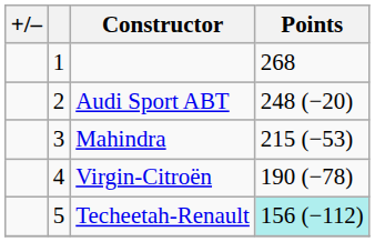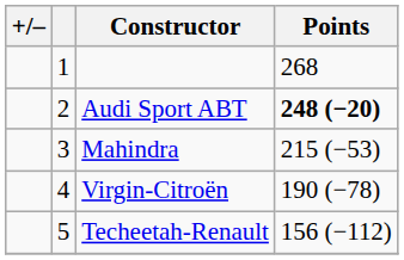 <table class="wikitable" style="font-size: 85%">
 <tr>
 <th scope="col">+/–</th>
 <th scope="col"></th>
 <th scope="col">Constructor</th>
 <th scope="col">Points</th>
 </tr>
 <tr>
 <td align="left"></td>
 <td align="center">1</td>
 <td> <strong><a href='#'></a></strong></td>
 <td align="left">268</td>
 </tr>
 <tr>
 <td align="left"></td>
 <td align="center">2</td>
 <td> <a href='#'>Audi Sport ABT</a></td>
-<td align="left">248 (−20)</td>
+<td align="left"><strong>248 (−20)</strong></td>
 </tr>
 <tr>
 <td align="left"></td>
 <td align="center">3</td>
 <td> <a href='#'>Mahindra</a></td>
 <td align="left">215 (−53)</td>
 </tr>
 <tr>
 <td align="left"></td>
 <td align="center">4</td>
 <td> <a href='#'>Virgin-Citroën</a></td>
 <td align="left">190 (−78)</td>
 </tr>
 <tr>
 <td align="left"></td>
 <td align="center">5</td>
 <td> <a href='#'>Techeetah-Renault</a></td>
-<td align="left" style="background: paleturquoise;">156 (−112)</td>
+<td align="left">156 (−112)</td>
 </tr>
 <tr>
 </tr>
 </table>
